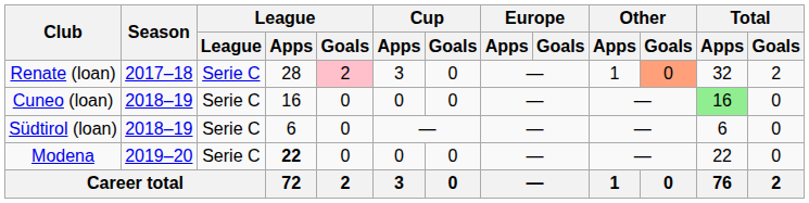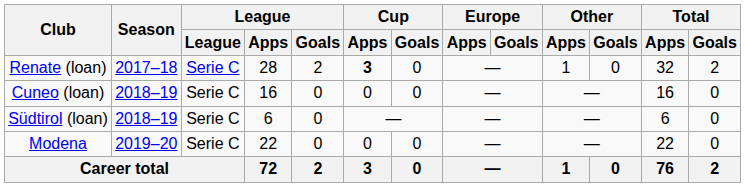 <table class="wikitable" style="text-align: center;">
 <tr>
 <th rowspan="2">Club</th>
 <th rowspan="2">Season</th>
 <th colspan="3">League</th>
 <th colspan="2">Cup</th>
 <th colspan="2">Europe</th>
 <th colspan="2">Other</th>
 <th colspan="2">Total</th>
 </tr>
 <tr>
 <th>League</th>
 <th>Apps</th>
 <th>Goals</th>
 <th>Apps</th>
 <th>Goals</th>
 <th>Apps</th>
 <th>Goals</th>
 <th>Apps</th>
 <th>Goals</th>
 <th>Apps</th>
 <th>Goals</th>
 </tr>
 <tr>
 <td><a href='#'>Renate</a> (loan)</td>
 <td><a href='#'>2017–18</a></td>
 <td><a href='#'>Serie C</a></td>
 <td>28</td>
-<td style="background: pink;">2</td>
-<td>3</td>
+<td>2</td>
+<td><strong>3</strong></td>
 <td>0</td>
 <td colspan="2">—</td>
 <td>1</td>
-<td style="background: lightsalmon;">0</td>
+<td>0</td>
 <td>32</td>
 <td>2</td>
 </tr>
 <tr>
 <td><a href='#'>Cuneo</a> (loan)</td>
 <td><a href='#'>2018–19</a></td>
 <td>Serie C</td>
 <td>16</td>
 <td>0</td>
 <td>0</td>
 <td>0</td>
 <td colspan="2">—</td>
 <td colspan="2">—</td>
-<td style="background: lightgreen;">16</td>
+<td>16</td>
 <td>0</td>
 </tr>
 <tr>
 <td><a href='#'>Südtirol</a> (loan)</td>
 <td><a href='#'>2018–19</a></td>
 <td>Serie C</td>
 <td>6</td>
 <td>0</td>
 <td colspan="2">—</td>
 <td colspan="2">—</td>
 <td colspan="2">—</td>
 <td>6</td>
 <td>0</td>
 </tr>
 <tr>
 <td><a href='#'>Modena</a></td>
 <td><a href='#'>2019–20</a></td>
 <td>Serie C</td>
-<td><strong>22</strong></td>
+<td>22</td>
 <td>0</td>
 <td>0</td>
 <td>0</td>
 <td colspan="2">—</td>
 <td colspan="2">—</td>
 <td>22</td>
 <td>0</td>
 </tr>
 <tr>
 <th colspan="3">Career total</th>
 <th>72</th>
 <th>2</th>
 <th>3</th>
 <th>0</th>
 <th colspan="2">—</th>
 <th>1</th>
 <th>0</th>
 <th>76</th>
 <th>2</th>
 </tr>
 </table>
